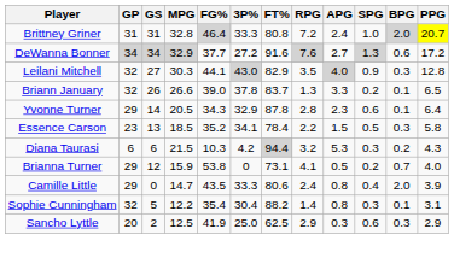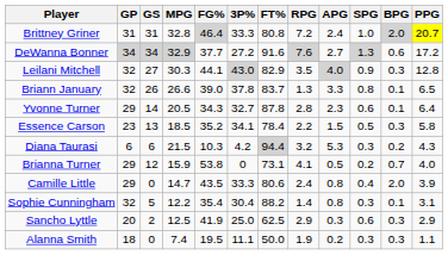 <table class="wikitable sortable" style="text-align:center;">
 <tr>
 <th>Player</th>
 <th>GP</th>
 <th>GS</th>
 <th>MPG</th>
 <th>FG%</th>
 <th>3P%</th>
 <th>FT%</th>
 <th>RPG</th>
 <th>APG</th>
 <th>SPG</th>
 <th>BPG</th>
 <th>PPG</th>
 </tr>
 <tr>
 <td><a href='#'>Brittney Griner</a></td>
 <td>31</td>
 <td>31</td>
 <td>32.8</td>
 <td style="background:#D3D3D3;">46.4</td>
 <td>33.3</td>
 <td>80.8</td>
 <td>7.2</td>
 <td>2.4</td>
 <td>1.0</td>
 <td style="background:#D3D3D3;">2.0</td>
 <td style="background:yellow;">20.7</td>
 </tr>
 <tr>
 <td><a href='#'>DeWanna Bonner</a></td>
 <td style="background:#D3D3D3;">34</td>
 <td style="background:#D3D3D3;">34</td>
 <td style="background:#D3D3D3;">32.9</td>
 <td>37.7</td>
 <td>27.2</td>
 <td>91.6</td>
 <td style="background:#D3D3D3;">7.6</td>
 <td>2.7</td>
 <td style="background:#D3D3D3;">1.3</td>
 <td>0.6</td>
 <td>17.2</td>
 </tr>
 <tr>
 <td><a href='#'>Leilani Mitchell</a></td>
 <td>32</td>
 <td>27</td>
 <td>30.3</td>
 <td>44.1</td>
 <td style="background:#D3D3D3;">43.0</td>
 <td>82.9</td>
 <td>3.5</td>
 <td style="background:#D3D3D3;">4.0</td>
 <td>0.9</td>
 <td>0.3</td>
 <td>12.8</td>
 </tr>
 <tr>
 <td><a href='#'>Briann January</a></td>
 <td>32</td>
 <td>26</td>
 <td>26.6</td>
 <td>39.0</td>
 <td>37.8</td>
 <td>83.7</td>
 <td>1.3</td>
 <td>3.3</td>
-<td>0.2</td>
+<td>0.8</td>
 <td>0.1</td>
 <td>6.5</td>
 </tr>
 <tr>
 <td><a href='#'>Yvonne Turner</a></td>
 <td>29</td>
 <td>14</td>
 <td>20.5</td>
 <td>34.3</td>
-<td>32.9</td>
+<td>32.7</td>
 <td>87.8</td>
 <td>2.8</td>
 <td>2.3</td>
 <td>0.6</td>
 <td>0.1</td>
 <td>6.4</td>
 </tr>
 <tr>
 <td><a href='#'>Essence Carson</a></td>
 <td>23</td>
 <td>13</td>
 <td>18.5</td>
 <td>35.2</td>
 <td>34.1</td>
 <td>78.4</td>
 <td>2.2</td>
 <td>1.5</td>
 <td>0.5</td>
 <td>0.3</td>
 <td>5.8</td>
 </tr>
 <tr>
 <td><a href='#'>Diana Taurasi</a></td>
 <td>6</td>
 <td>6</td>
 <td>21.5</td>
 <td>10.3</td>
 <td>4.2</td>
 <td style="background:#D3D3D3;">94.4</td>
 <td>3.2</td>
 <td>5.3</td>
 <td>0.3</td>
 <td>0.2</td>
 <td>4.3</td>
 </tr>
 <tr>
 <td><a href='#'>Brianna Turner</a></td>
 <td>29</td>
 <td>12</td>
 <td>15.9</td>
 <td>53.8</td>
 <td>0</td>
 <td>73.1</td>
 <td>4.1</td>
 <td>0.5</td>
 <td>0.2</td>
 <td>0.7</td>
 <td>4.0</td>
 </tr>
 <tr>
 <td><a href='#'>Camille Little</a></td>
 <td>29</td>
 <td>0</td>
 <td>14.7</td>
 <td>43.5</td>
 <td>33.3</td>
 <td>80.6</td>
 <td>2.4</td>
 <td>0.8</td>
 <td>0.4</td>
 <td>2.0</td>
 <td>3.9</td>
 </tr>
 <tr>
 <td><a href='#'>Sophie Cunningham</a></td>
 <td>32</td>
 <td>5</td>
 <td>12.2</td>
 <td>35.4</td>
 <td>30.4</td>
 <td>88.2</td>
 <td>1.4</td>
 <td>0.8</td>
 <td>0.3</td>
 <td>0.1</td>
 <td>3.1</td>
 </tr>
 <tr>
 <td><a href='#'>Sancho Lyttle</a></td>
 <td>20</td>
 <td>2</td>
 <td>12.5</td>
 <td>41.9</td>
 <td>25.0</td>
 <td>62.5</td>
 <td>2.9</td>
 <td>0.3</td>
 <td>0.6</td>
 <td>0.3</td>
 <td>2.9</td>
 </tr>
+<tr>
+<td><a href='#'>Alanna Smith</a></td>
+<td>18</td>
+<td>0</td>
+<td>7.4</td>
+<td>19.5</td>
+<td>11.1</td>
+<td>50.0</td>
+<td>1.9</td>
+<td>0.2</td>
+<td>0.3</td>
+<td>0.3</td>
+<td>1.1</td>
+</tr>
 </table>
